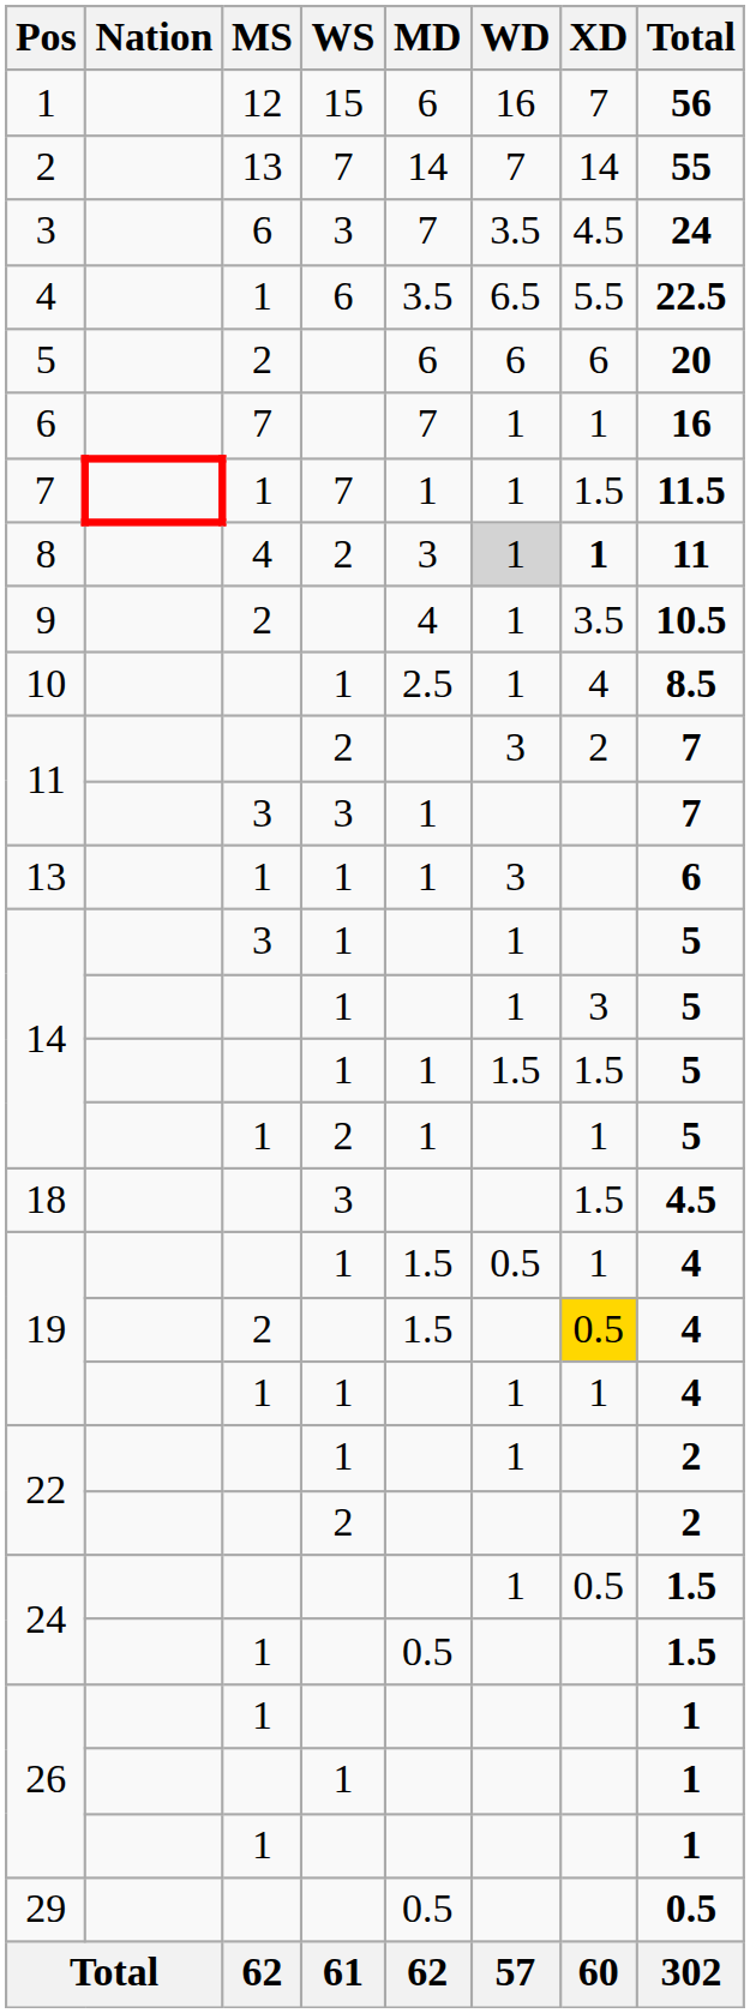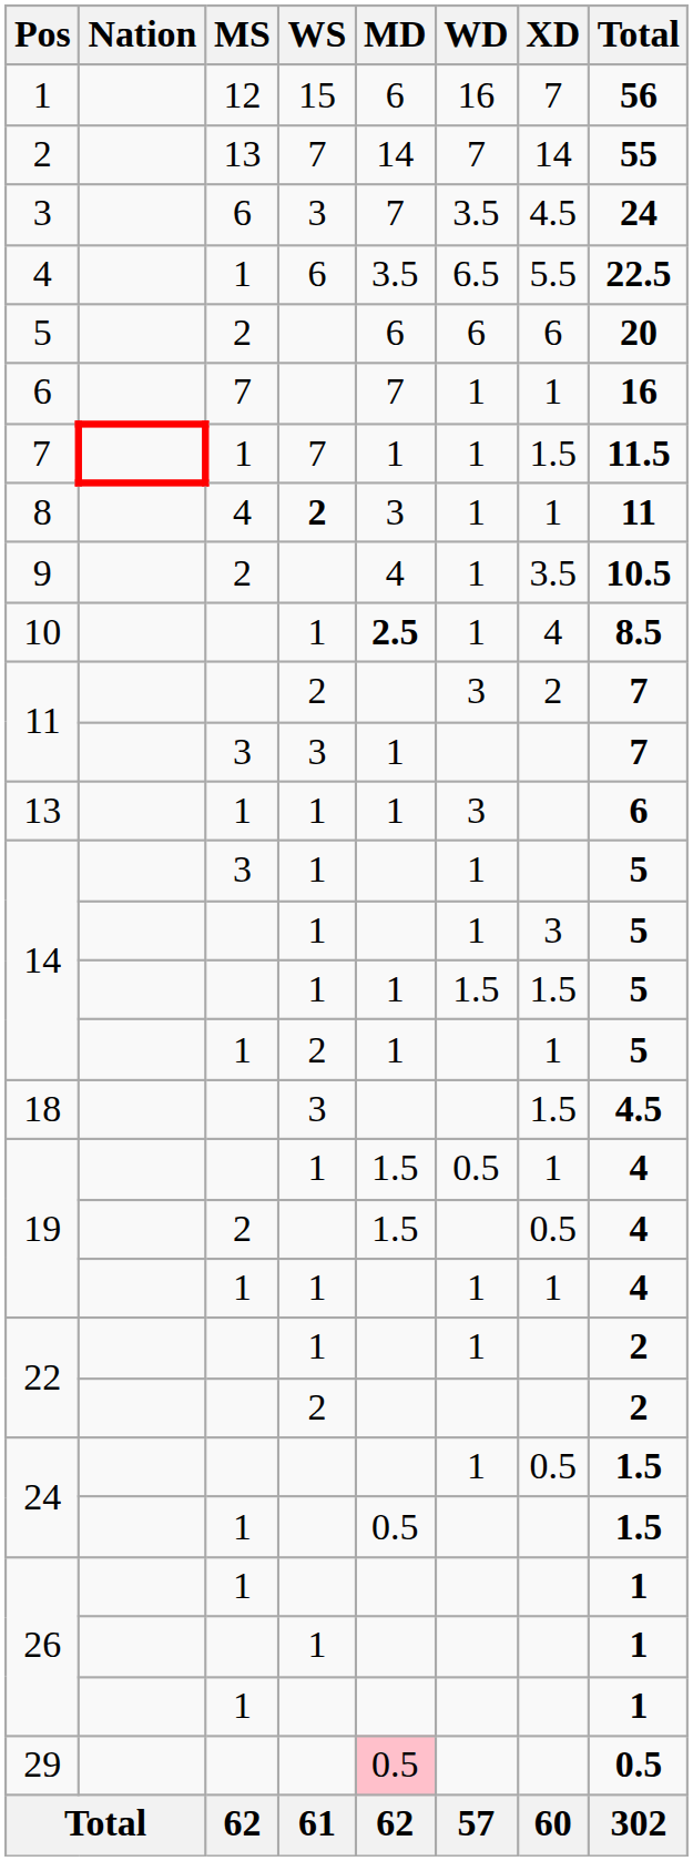 <table class="wikitable" style="text-align:center">
 <tr>
 <th>Pos</th>
 <th>Nation</th>
 <th>MS</th>
 <th>WS</th>
 <th>MD</th>
 <th>WD</th>
 <th>XD</th>
 <th>Total</th>
 </tr>
 <tr>
 <td>1</td>
 <td align="left"></td>
 <td>12</td>
 <td>15</td>
 <td>6</td>
 <td>16</td>
 <td>7</td>
 <td><strong>56</strong></td>
 </tr>
 <tr>
 <td>2</td>
 <td align="left"></td>
 <td>13</td>
 <td>7</td>
 <td>14</td>
 <td>7</td>
 <td>14</td>
 <td><strong>55</strong></td>
 </tr>
 <tr>
 <td>3</td>
 <td align="left"><em></em></td>
 <td>6</td>
 <td>3</td>
 <td>7</td>
 <td>3.5</td>
 <td>4.5</td>
 <td><strong>24</strong></td>
 </tr>
 <tr>
 <td>4</td>
 <td align="left"></td>
 <td>1</td>
 <td>6</td>
 <td>3.5</td>
 <td>6.5</td>
 <td>5.5</td>
 <td><strong>22.5</strong></td>
 </tr>
 <tr>
 <td>5</td>
 <td align="left"></td>
 <td>2</td>
 <td></td>
 <td>6</td>
 <td>6</td>
 <td>6</td>
 <td><strong>20</strong></td>
 </tr>
 <tr>
 <td>6</td>
 <td align="left"></td>
 <td>7</td>
 <td></td>
 <td>7</td>
 <td>1</td>
 <td>1</td>
 <td><strong>16</strong></td>
 </tr>
 <tr>
 <td>7</td>
 <td align="left" style="border: 3px solid red"></td>
 <td>1</td>
 <td>7</td>
 <td>1</td>
 <td>1</td>
 <td>1.5</td>
 <td><strong>11.5</strong></td>
 </tr>
 <tr>
 <td>8</td>
 <td align="left"></td>
 <td>4</td>
-<td>2</td>
+<td><strong>2</strong></td>
 <td>3</td>
-<td style="background: lightgrey;">1</td>
-<td><strong>1</strong></td>
+<td>1</td>
+<td>1</td>
 <td><strong>11</strong></td>
 </tr>
 <tr>
 <td>9</td>
 <td align="left"></td>
 <td>2</td>
 <td></td>
 <td>4</td>
 <td>1</td>
 <td>3.5</td>
 <td><strong>10.5</strong></td>
 </tr>
 <tr>
 <td>10</td>
 <td align="left"></td>
 <td></td>
 <td>1</td>
-<td>2.5</td>
+<td><strong>2.5</strong></td>
 <td>1</td>
 <td>4</td>
 <td><strong>8.5</strong></td>
 </tr>
 <tr>
 <td rowspan="2">11</td>
 <td align="left"></td>
 <td></td>
 <td>2</td>
 <td></td>
 <td>3</td>
 <td>2</td>
 <td><strong>7</strong></td>
 </tr>
 <tr>
 <td align="left"></td>
 <td>3</td>
 <td>3</td>
 <td>1</td>
 <td></td>
 <td></td>
 <td><strong>7</strong></td>
 </tr>
 <tr>
 <td>13</td>
 <td align="left"></td>
 <td>1</td>
 <td>1</td>
 <td>1</td>
 <td>3</td>
 <td></td>
 <td><strong>6</strong></td>
 </tr>
 <tr>
 <td rowspan="4">14</td>
 <td align="left"></td>
 <td>3</td>
 <td>1</td>
 <td></td>
 <td>1</td>
 <td></td>
 <td><strong>5</strong></td>
 </tr>
 <tr>
 <td align="left"></td>
 <td></td>
 <td>1</td>
 <td></td>
 <td>1</td>
 <td>3</td>
 <td><strong>5</strong></td>
 </tr>
 <tr>
 <td align="left"></td>
 <td></td>
 <td>1</td>
 <td>1</td>
 <td>1.5</td>
 <td>1.5</td>
 <td><strong>5</strong></td>
 </tr>
 <tr>
 <td align="left"></td>
 <td>1</td>
 <td>2</td>
 <td>1</td>
 <td></td>
 <td>1</td>
 <td><strong>5</strong></td>
 </tr>
 <tr>
 <td>18</td>
 <td align="left"></td>
 <td></td>
 <td>3</td>
 <td></td>
 <td></td>
 <td>1.5</td>
 <td><strong>4.5</strong></td>
 </tr>
 <tr>
 <td rowspan="3">19</td>
 <td align="left"></td>
 <td></td>
 <td>1</td>
 <td>1.5</td>
 <td>0.5</td>
 <td>1</td>
 <td><strong>4</strong></td>
 </tr>
 <tr>
 <td align="left"></td>
 <td>2</td>
 <td></td>
 <td>1.5</td>
 <td></td>
-<td style="background: gold;">0.5</td>
+<td>0.5</td>
 <td><strong>4</strong></td>
 </tr>
 <tr>
 <td align="left"><em></em></td>
 <td>1</td>
 <td>1</td>
 <td></td>
 <td>1</td>
 <td>1</td>
 <td><strong>4</strong></td>
 </tr>
 <tr>
 <td rowspan="2">22</td>
 <td align="left"></td>
 <td></td>
 <td>1</td>
 <td></td>
 <td>1</td>
 <td></td>
 <td><strong>2</strong></td>
 </tr>
 <tr>
 <td align="left"></td>
 <td></td>
 <td>2</td>
 <td></td>
 <td></td>
 <td></td>
 <td><strong>2</strong></td>
 </tr>
 <tr>
 <td rowspan="2">24</td>
 <td align="left"><em></em></td>
 <td></td>
 <td></td>
 <td></td>
 <td>1</td>
 <td>0.5</td>
 <td><strong>1.5</strong></td>
 </tr>
 <tr>
 <td align="left"></td>
 <td>1</td>
 <td></td>
 <td>0.5</td>
 <td></td>
 <td></td>
 <td><strong>1.5</strong></td>
 </tr>
 <tr>
 <td rowspan="3">26</td>
 <td align="left"><em></em></td>
 <td>1</td>
 <td></td>
 <td></td>
 <td></td>
 <td></td>
 <td><strong>1</strong></td>
 </tr>
 <tr>
 <td align="left"></td>
 <td></td>
 <td>1</td>
 <td></td>
 <td></td>
 <td></td>
 <td><strong>1</strong></td>
 </tr>
 <tr>
 <td align="left"></td>
 <td>1</td>
 <td></td>
 <td></td>
 <td></td>
 <td></td>
 <td><strong>1</strong></td>
 </tr>
 <tr>
 <td>29</td>
 <td align="left"></td>
 <td></td>
 <td></td>
-<td>0.5</td>
+<td style="background: pink;">0.5</td>
 <td></td>
 <td></td>
 <td><strong>0.5</strong></td>
 </tr>
 <tr>
 <th colspan="2">Total</th>
 <th>62</th>
 <th>61</th>
 <th>62</th>
 <th>57</th>
 <th>60</th>
 <th>302</th>
 </tr>
 </table>
